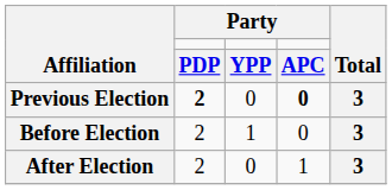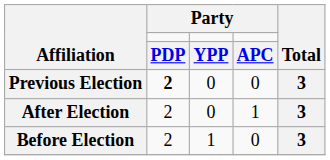 <table class=wikitable style="text-align:center">
 <tr style="vertical-align:bottom;">
 <th rowspan=3>Affiliation</th>
 <th colspan=3>Party</th>
 <th rowspan=3>Total</th>
 </tr>
 <tr>
 <td style="background-color:"></td>
 <td style="background-color:"></td>
 <td style="background-color:"></td>
 </tr>
 <tr>
 <th><a href='#'>PDP</a></th>
 <th><a href='#'>YPP</a></th>
 <th><a href='#'>APC</a></th>
 </tr>
 <tr>
 <th>Previous Election</th>
 <td><strong>2</strong></td>
 <td>0</td>
-<td><strong>0</strong></td>
-<th>3</th>
-</tr>
-<tr>
-<th>Before Election</th>
-<td>2</td>
-<td>1</td>
 <td>0</td>
 <th>3</th>
 </tr>
 <tr>
 <th>After Election</th>
 <td>2</td>
 <td>0</td>
 <td>1</td>
 <th>3</th>
 </tr>
 <tr>
+<th>Before Election</th>
+<td>2</td>
+<td>1</td>
+<td>0</td>
+<th>3</th>
+</tr>
+<tr>
 </tr>
 </table>
